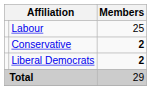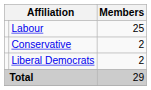 <table class="wikitable">
 <tr>
 <th colspan="2">Affiliation</th>
 <th>Members</th>
 </tr>
 <tr>
 <td style="color:inherit;background:"></td>
 <td><a href='#'>Labour</a></td>
 <td align="right">25</td>
 </tr>
 <tr>
 <td style="color:inherit;background:"></td>
 <td><a href='#'>Conservative</a></td>
-<td align="right"><strong>2</strong></td>
+<td align="right">2</td>
 </tr>
 <tr>
 <td style="color:inherit;background:"></td>
 <td><a href='#'>Liberal Democrats</a></td>
-<td align="right"><strong>2</strong></td>
+<td align="right">2</td>
 </tr>
 <tr bgcolor="CCCCCC">
 <td colspan="2" rowspan="1"> <strong>Total</strong></td>
 <td align="right">29</td>
 </tr>
 <tr>
 </tr>
 </table>
